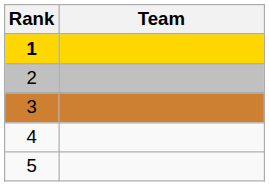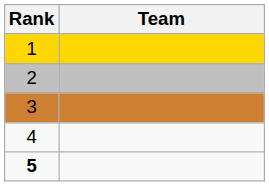 <table class="wikitable">
 <tr>
 <th>Rank</th>
 <th width=170>Team</th>
 </tr>
 <tr bgcolor=gold>
-<td align=center><strong>1</strong></td>
+<td align=center>1</td>
 <td></td>
 </tr>
 <tr bgcolor=silver>
 <td align=center>2</td>
 <td></td>
 </tr>
 <tr bgcolor=CD7F32>
 <td align=center>3</td>
 <td></td>
 </tr>
 <tr>
 <td align=center>4</td>
 <td></td>
 </tr>
 <tr>
-<td align=center>5</td>
+<td align=center><strong>5</strong></td>
 <td></td>
 </tr>
 </table>
